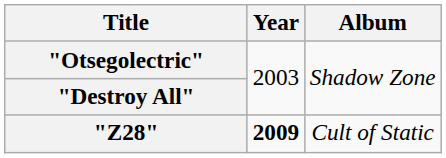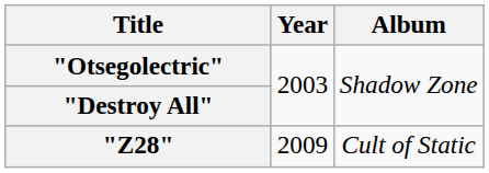 <table class="wikitable plainrowheaders" style="text-align:center;">
 <tr>
 <th scope="col" style="width:10em;">Title</th>
 <th scope="col">Year</th>
 <th scope="col">Album</th>
 </tr>
 <tr>
 <th scope="row">"Otsegolectric"</th>
 <td rowspan="2">2003</td>
 <td rowspan="2"><em>Shadow Zone</em></td>
 </tr>
 <tr>
 <th scope="row">"Destroy All"</th>
 </tr>
 <tr>
 <th scope="row">"Z28"</th>
-<td><strong>2009</strong></td>
+<td>2009</td>
 <td><em>Cult of Static</em></td>
 </tr>
 </table>
